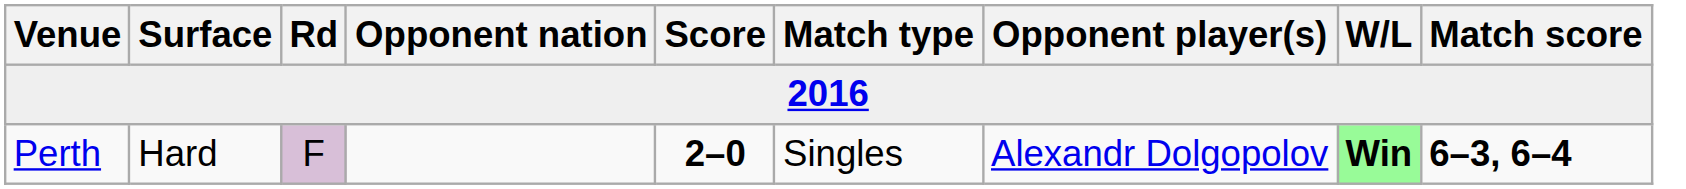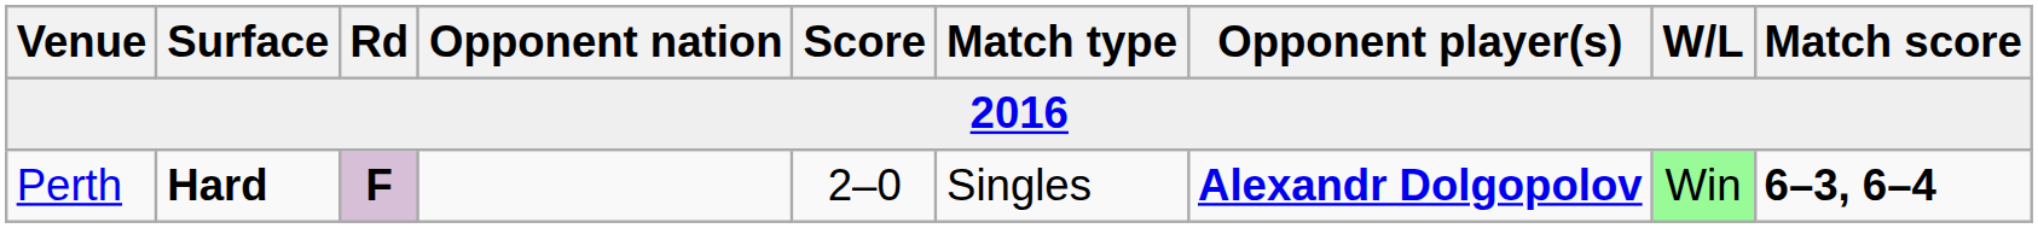 <table class="wikitable nowrap" style=font-size:96%>
 <tr>
 <th>Venue</th>
 <th>Surface</th>
 <th>Rd</th>
 <th>Opponent nation</th>
 <th>Score</th>
 <th>Match type</th>
 <th>Opponent player(s)</th>
 <th>W/L</th>
 <th>Match score</th>
 </tr>
 <tr bgcolor=efefef>
 <td colspan="9" align=center><strong><a href='#'>2016</a></strong></td>
 </tr>
 <tr>
 <td><a href='#'>Perth</a></td>
-<td>Hard</td>
-<td bgcolor="thistle" align="center">F</td>
+<td><strong>Hard</strong></td>
+<td bgcolor="thistle" align="center"><strong>F</strong></td>
 <td></td>
-<td align="center"><strong>2–0</strong></td>
+<td align="center">2–0</td>
 <td>Singles</td>
-<td><a href='#'>Alexandr Dolgopolov</a></td>
-<td bgcolor=98fb98 align=center><strong>Win</strong></td>
+<td><strong><a href='#'>Alexandr Dolgopolov</a></strong></td>
+<td bgcolor=98fb98 align=center>Win</td>
 <td><strong>6–3, 6–4</strong></td>
 </tr>
 </table>
